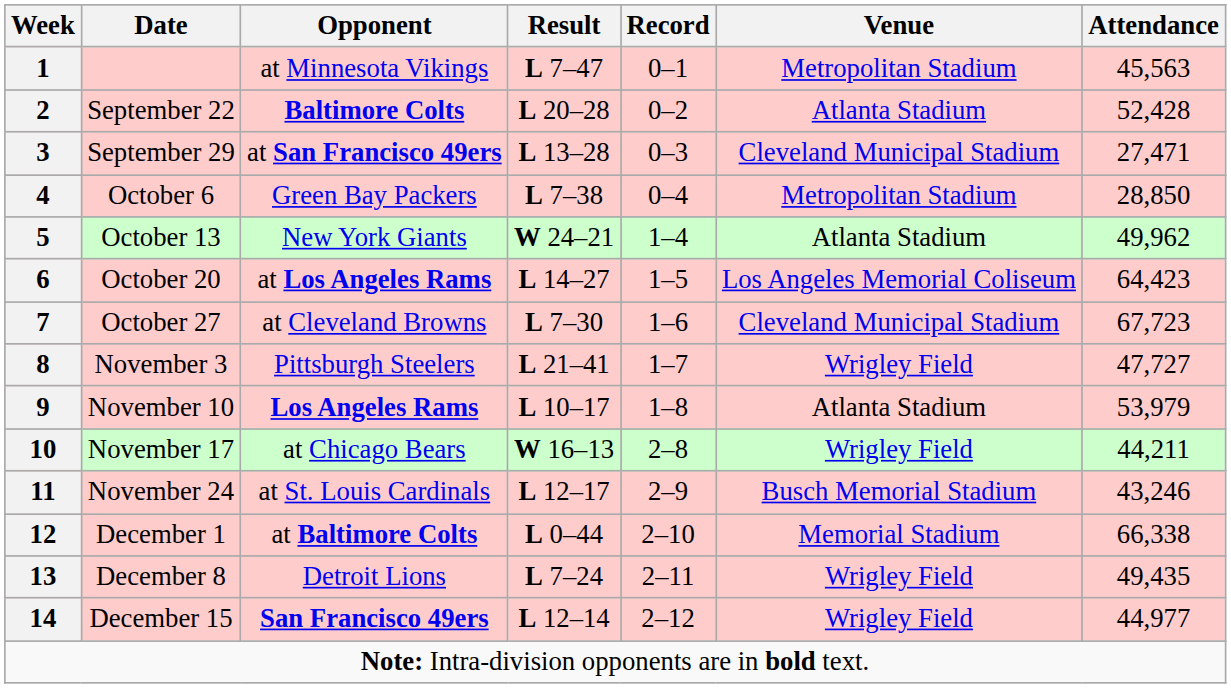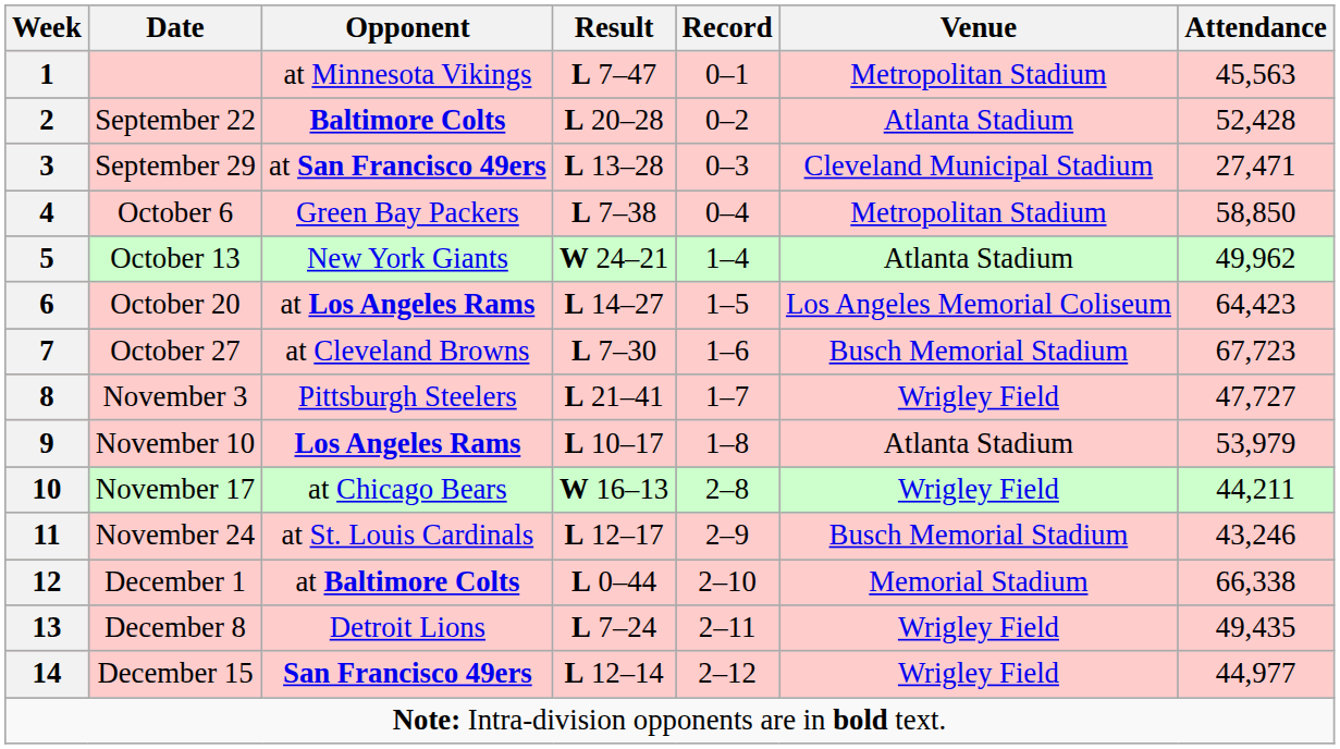 <table class="wikitable" style="text-align:center">
 <tr>
 <th>Week</th>
 <th>Date</th>
 <th>Opponent</th>
 <th>Result</th>
 <th>Record</th>
 <th>Venue</th>
 <th>Attendance</th>
 </tr>
 <tr style="background:#fcc">
 <th>1</th>
 <td></td>
 <td>at <a href='#'>Minnesota Vikings</a></td>
 <td><strong>L</strong> 7–47</td>
 <td>0–1</td>
 <td><a href='#'>Metropolitan Stadium</a></td>
 <td>45,563</td>
 </tr>
 <tr style="background:#fcc">
 <th>2</th>
 <td>September 22</td>
 <td><strong><a href='#'>Baltimore Colts</a></strong></td>
 <td><strong>L</strong> 20–28</td>
 <td>0–2</td>
 <td><a href='#'>Atlanta Stadium</a></td>
 <td>52,428</td>
 </tr>
 <tr style="background:#fcc">
 <th>3</th>
 <td>September 29</td>
 <td>at <strong><a href='#'>San Francisco 49ers</a></strong></td>
 <td><strong>L</strong> 13–28</td>
 <td>0–3</td>
 <td><a href='#'>Cleveland Municipal Stadium</a></td>
 <td>27,471</td>
 </tr>
 <tr style="background:#fcc">
 <th>4</th>
 <td>October 6</td>
 <td><a href='#'>Green Bay Packers</a></td>
 <td><strong>L</strong> 7–38</td>
 <td>0–4</td>
 <td><a href='#'>Metropolitan Stadium</a></td>
-<td>28,850</td>
+<td>58,850</td>
 </tr>
 <tr style="background:#cfc">
 <th>5</th>
 <td>October 13</td>
 <td><a href='#'>New York Giants</a></td>
 <td><strong>W</strong> 24–21</td>
 <td>1–4</td>
 <td>Atlanta Stadium</td>
 <td>49,962</td>
 </tr>
 <tr style="background:#fcc">
 <th>6</th>
 <td>October 20</td>
 <td>at <strong><a href='#'>Los Angeles Rams</a></strong></td>
 <td><strong>L</strong> 14–27</td>
 <td>1–5</td>
 <td><a href='#'>Los Angeles Memorial Coliseum</a></td>
 <td>64,423</td>
 </tr>
 <tr style="background:#fcc">
 <th>7</th>
 <td>October 27</td>
 <td>at <a href='#'>Cleveland Browns</a></td>
 <td><strong>L</strong> 7–30</td>
 <td>1–6</td>
-<td><a href='#'>Cleveland Municipal Stadium</a></td>
+<td><a href='#'>Busch Memorial Stadium</a></td>
 <td>67,723</td>
 </tr>
 <tr style="background:#fcc">
 <th>8</th>
 <td>November 3</td>
 <td><a href='#'>Pittsburgh Steelers</a></td>
 <td><strong>L</strong> 21–41</td>
 <td>1–7</td>
 <td><a href='#'>Wrigley Field</a></td>
 <td>47,727</td>
 </tr>
 <tr style="background:#fcc">
 <th>9</th>
 <td>November 10</td>
 <td><strong><a href='#'>Los Angeles Rams</a></strong></td>
 <td><strong>L</strong> 10–17</td>
 <td>1–8</td>
 <td>Atlanta Stadium</td>
 <td>53,979</td>
 </tr>
 <tr style="background:#cfc">
 <th>10</th>
 <td>November 17</td>
 <td>at <a href='#'>Chicago Bears</a></td>
 <td><strong>W</strong> 16–13</td>
 <td>2–8</td>
 <td><a href='#'>Wrigley Field</a></td>
 <td>44,211</td>
 </tr>
 <tr style="background:#fcc">
 <th>11</th>
 <td>November 24</td>
 <td>at <a href='#'>St. Louis Cardinals</a></td>
 <td><strong>L</strong> 12–17</td>
 <td>2–9</td>
 <td><a href='#'>Busch Memorial Stadium</a></td>
 <td>43,246</td>
 </tr>
 <tr style="background:#fcc">
 <th>12</th>
 <td>December 1</td>
 <td>at <strong><a href='#'>Baltimore Colts</a></strong></td>
 <td><strong>L</strong> 0–44</td>
 <td>2–10</td>
 <td><a href='#'>Memorial Stadium</a></td>
 <td>66,338</td>
 </tr>
 <tr style="background:#fcc">
 <th>13</th>
 <td>December 8</td>
 <td><a href='#'>Detroit Lions</a></td>
 <td><strong>L</strong> 7–24</td>
 <td>2–11</td>
 <td><a href='#'>Wrigley Field</a></td>
 <td>49,435</td>
 </tr>
 <tr style="background:#fcc">
 <th>14</th>
 <td>December 15</td>
 <td><strong><a href='#'>San Francisco 49ers</a></strong></td>
 <td><strong>L</strong> 12–14</td>
 <td>2–12</td>
 <td><a href='#'>Wrigley Field</a></td>
 <td>44,977</td>
 </tr>
 <tr>
 <td colspan="7"><strong>Note:</strong> Intra-division opponents are in <strong>bold</strong> text.</td>
 </tr>
 </table>
